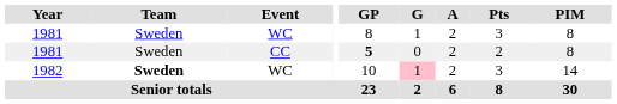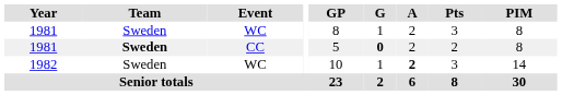 <table border="0" cellpadding="1" cellspacing="0" ID="Table3" style="text-align:center; width:40em">
 <tr bgcolor="#e0e0e0">
 <th>Year</th>
 <th>Team</th>
 <th>Event</th>
 <th rowspan="102" bgcolor="#ffffff"></th>
 <th>GP</th>
 <th>G</th>
 <th>A</th>
 <th>Pts</th>
 <th>PIM</th>
 </tr>
 <tr>
 <td><a href='#'>1981</a></td>
 <td><a href='#'>Sweden</a></td>
 <td><a href='#'>WC</a></td>
 <td>8</td>
 <td>1</td>
 <td>2</td>
 <td>3</td>
 <td>8</td>
 </tr>
 <tr bgcolor="#f0f0f0">
 <td><a href='#'>1981</a></td>
-<td>Sweden</td>
+<td><strong>Sweden</strong></td>
 <td><a href='#'>CC</a></td>
-<td><strong>5</strong></td>
-<td>0</td>
+<td>5</td>
+<td><strong>0</strong></td>
 <td>2</td>
 <td>2</td>
 <td>8</td>
 </tr>
 <tr>
 <td><a href='#'>1982</a></td>
-<td><strong>Sweden</strong></td>
+<td>Sweden</td>
 <td>WC</td>
 <td>10</td>
-<td style="background: pink;">1</td>
-<td>2</td>
+<td>1</td>
+<td><strong>2</strong></td>
 <td>3</td>
 <td>14</td>
 </tr>
 <tr bgcolor="#e0e0e0">
 <th colspan="4">Senior totals</th>
 <th>23</th>
 <th>2</th>
 <th>6</th>
 <th>8</th>
 <th>30</th>
 </tr>
 </table>
